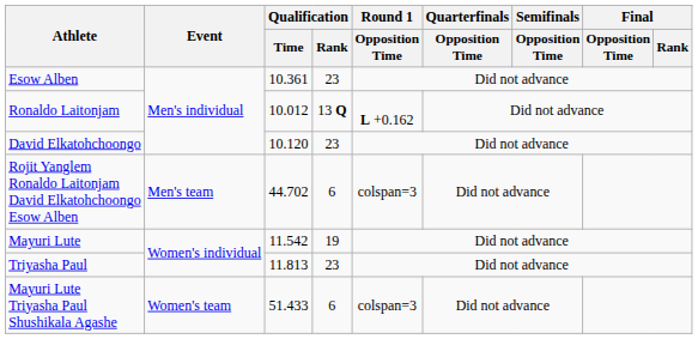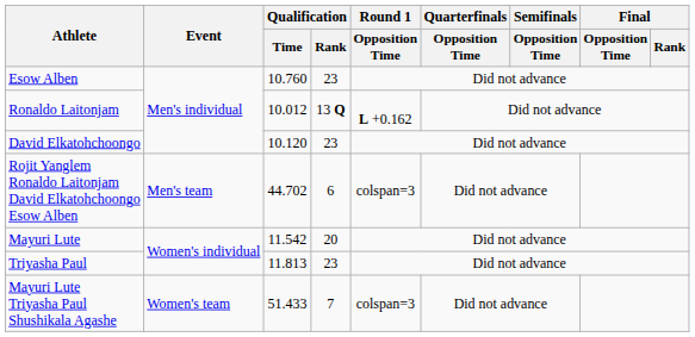 <table class="wikitable" style="font-size:90%;text-align:center;">
 <tr>
 <th rowspan=2>Athlete</th>
 <th rowspan=2>Event</th>
 <th colspan=2>Qualification</th>
 <th>Round 1</th>
 <th>Quarterfinals</th>
 <th>Semifinals</th>
 <th colspan=2>Final</th>
 </tr>
 <tr style="font-size:95%">
 <th>Time</th>
 <th>Rank</th>
 <th>Opposition<br>Time</th>
 <th>Opposition<br>Time</th>
 <th>Opposition<br>Time</th>
 <th>Opposition<br>Time</th>
 <th>Rank</th>
 </tr>
 <tr>
 <td align=left><a href='#'>Esow Alben</a></td>
 <td align=left rowspan=3><a href='#'>Men's individual</a></td>
-<td>10.361</td>
+<td>10.760</td>
 <td>23</td>
 <td colspan=5>Did not advance</td>
 </tr>
 <tr>
 <td align=left><a href='#'>Ronaldo Laitonjam</a></td>
 <td>10.012</td>
 <td>13 <strong>Q</strong></td>
 <td><br><strong>L</strong> +0.162</td>
 <td colspan=4>Did not advance</td>
 </tr>
 <tr>
 <td align=left><a href='#'>David Elkatohchoongo</a></td>
 <td>10.120</td>
 <td>23</td>
 <td colspan=5>Did not advance</td>
 </tr>
 <tr>
 <td align=left><a href='#'>Rojit Yanglem</a><br><a href='#'>Ronaldo Laitonjam</a><br><a href='#'>David Elkatohchoongo</a><br><a href='#'>Esow Alben</a></td>
 <td align=left><a href='#'>Men's team</a></td>
 <td>44.702</td>
 <td>6</td>
 <td>colspan=3 </td>
 <td colspan=2>Did not advance</td>
 </tr>
 <tr>
 <td align=left><a href='#'>Mayuri Lute</a></td>
 <td align=left rowspan=2><a href='#'>Women's individual</a></td>
 <td>11.542</td>
-<td>19</td>
+<td>20</td>
 <td colspan=5>Did not advance</td>
 </tr>
 <tr>
 <td align=left><a href='#'>Triyasha Paul</a></td>
 <td>11.813</td>
 <td>23</td>
 <td colspan=5>Did not advance</td>
 </tr>
 <tr>
 <td align=left><a href='#'>Mayuri Lute</a><br><a href='#'>Triyasha Paul</a><br><a href='#'>Shushikala Agashe</a></td>
 <td align=left><a href='#'>Women's team</a></td>
 <td>51.433</td>
-<td>6</td>
+<td>7</td>
 <td>colspan=3 </td>
 <td colspan=2>Did not advance</td>
 </tr>
 </table>
